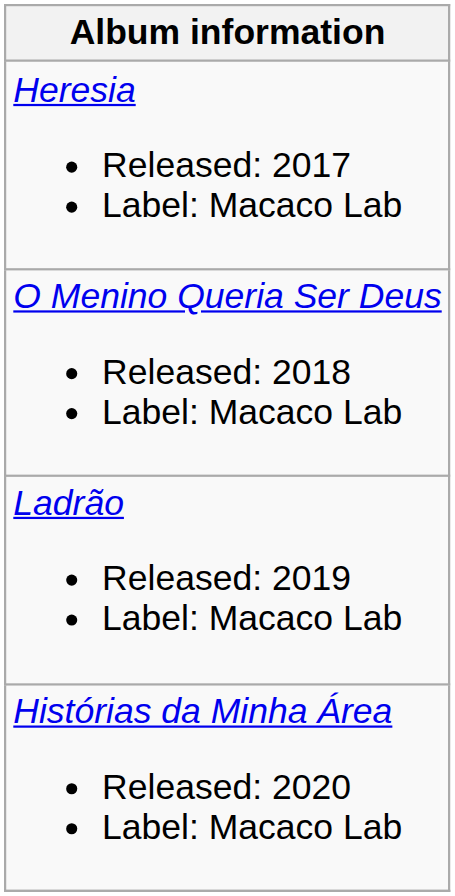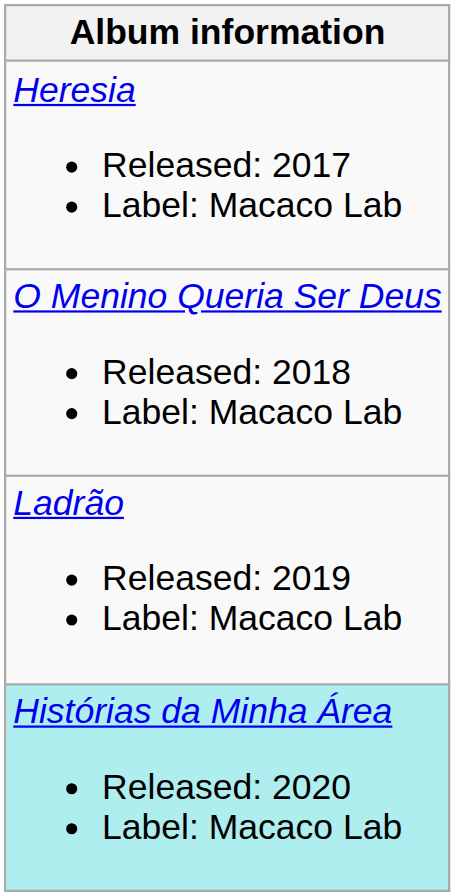 <table class="wikitable">
 <tr>
 <th align="left">Album information</th>
 </tr>
 <tr>
 <td><em><a href='#'>Heresia</a></em><br><ul><li>Released: 2017</li><li>Label: Macaco Lab</li></ul></td>
 </tr>
 <tr>
 <td><em><a href='#'>O Menino Queria Ser Deus</a></em><br><ul><li>Released: 2018</li><li>Label: Macaco Lab</li></ul></td>
 </tr>
 <tr>
 <td><em><a href='#'>Ladrão</a></em><br><ul><li>Released: 2019</li><li>Label: Macaco Lab</li></ul></td>
 </tr>
 <tr>
-<td><em><a href='#'>Histórias da Minha Área</a></em><br><ul><li>Released: 2020</li><li>Label: Macaco Lab</li></ul></td>
+<td style="background: paleturquoise;"><em><a href='#'>Histórias da Minha Área</a></em><br><ul><li>Released: 2020</li><li>Label: Macaco Lab</li></ul></td>
 </tr>
 <tr>
 </tr>
 </table>
